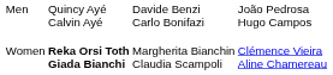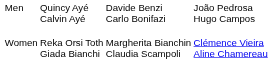 <table>
 <tr>
 <td>Men</td>
 <td><br>Quincy Ayé<br>Calvin Ayé</td>
 <td><br>Davide Benzi<br>Carlo Bonifazi</td>
 <td><br>João Pedrosa<br>Hugo Campos</td>
 </tr>
 <tr>
 <td>Women</td>
-<td nowrap><strong><br>Reka Orsi Toth<br>Giada Bianchi</strong></td>
+<td nowrap><br>Reka Orsi Toth<br>Giada Bianchi</td>
 <td nowrap><br>Margherita Bianchin<br>Claudia Scampoli</td>
 <td nowrap><br><a href='#'>Clémence Vieira</a><br><a href='#'>Aline Chamereau</a></td>
 </tr>
 </table>
